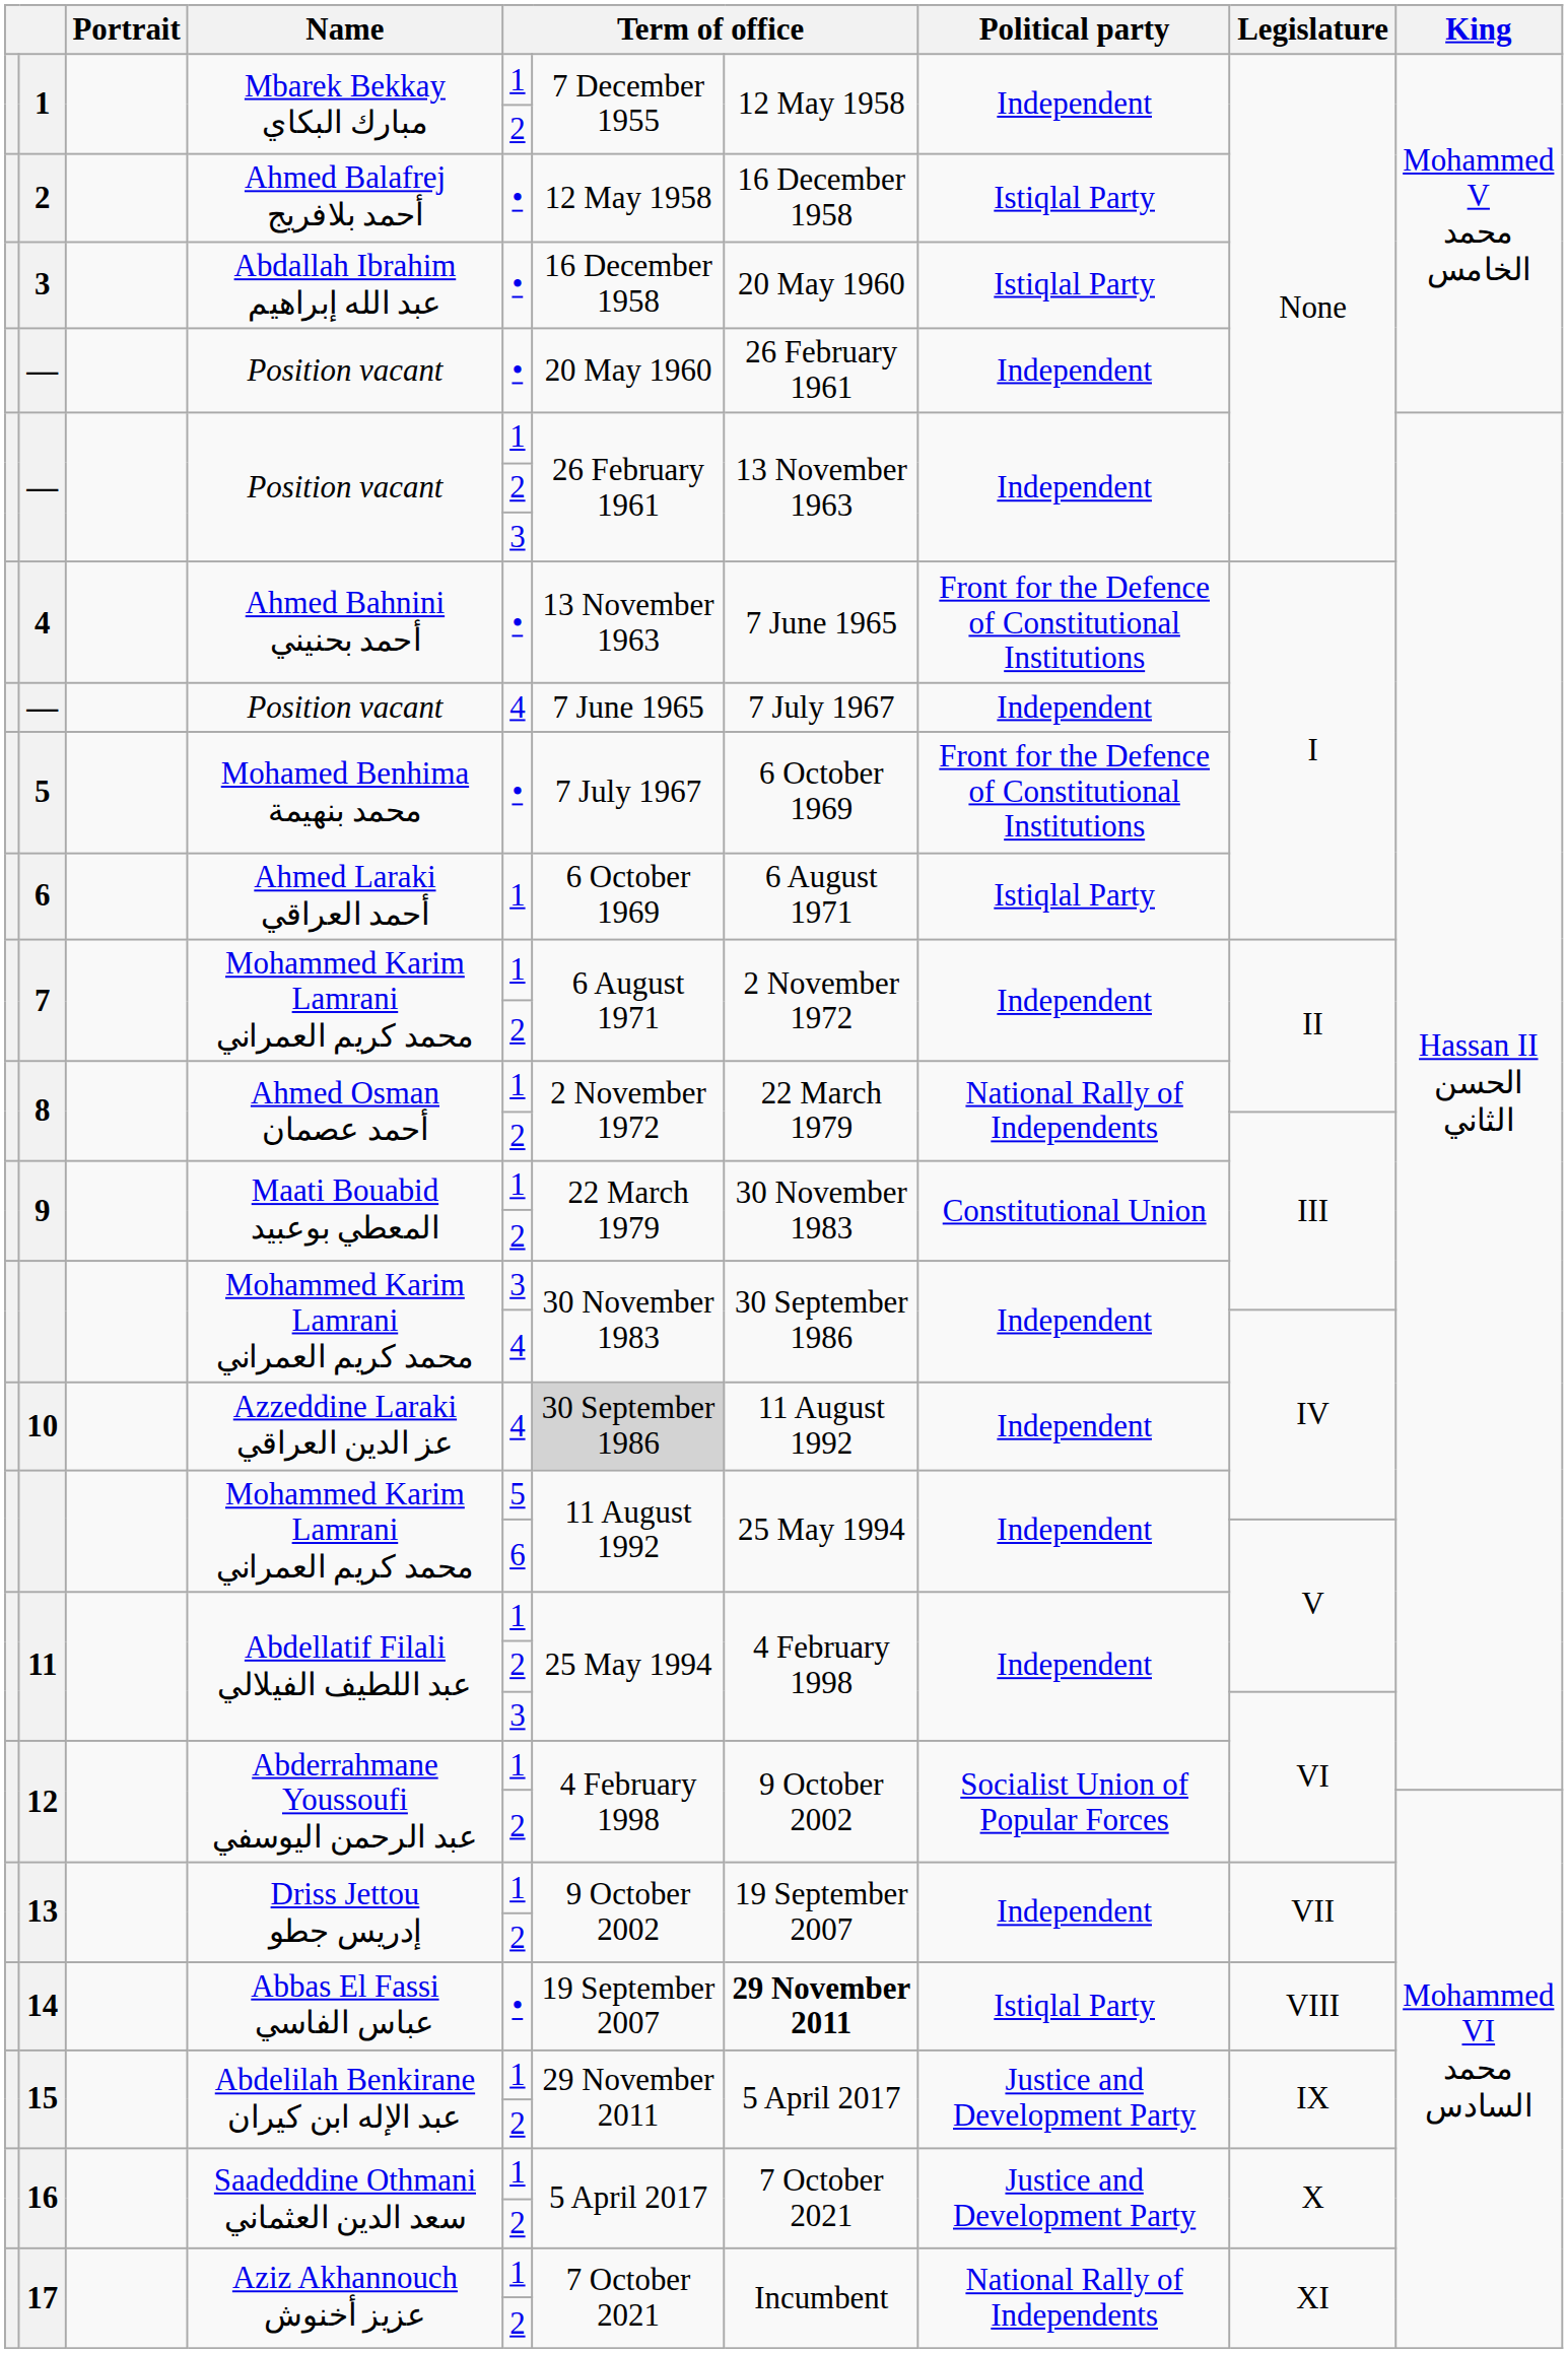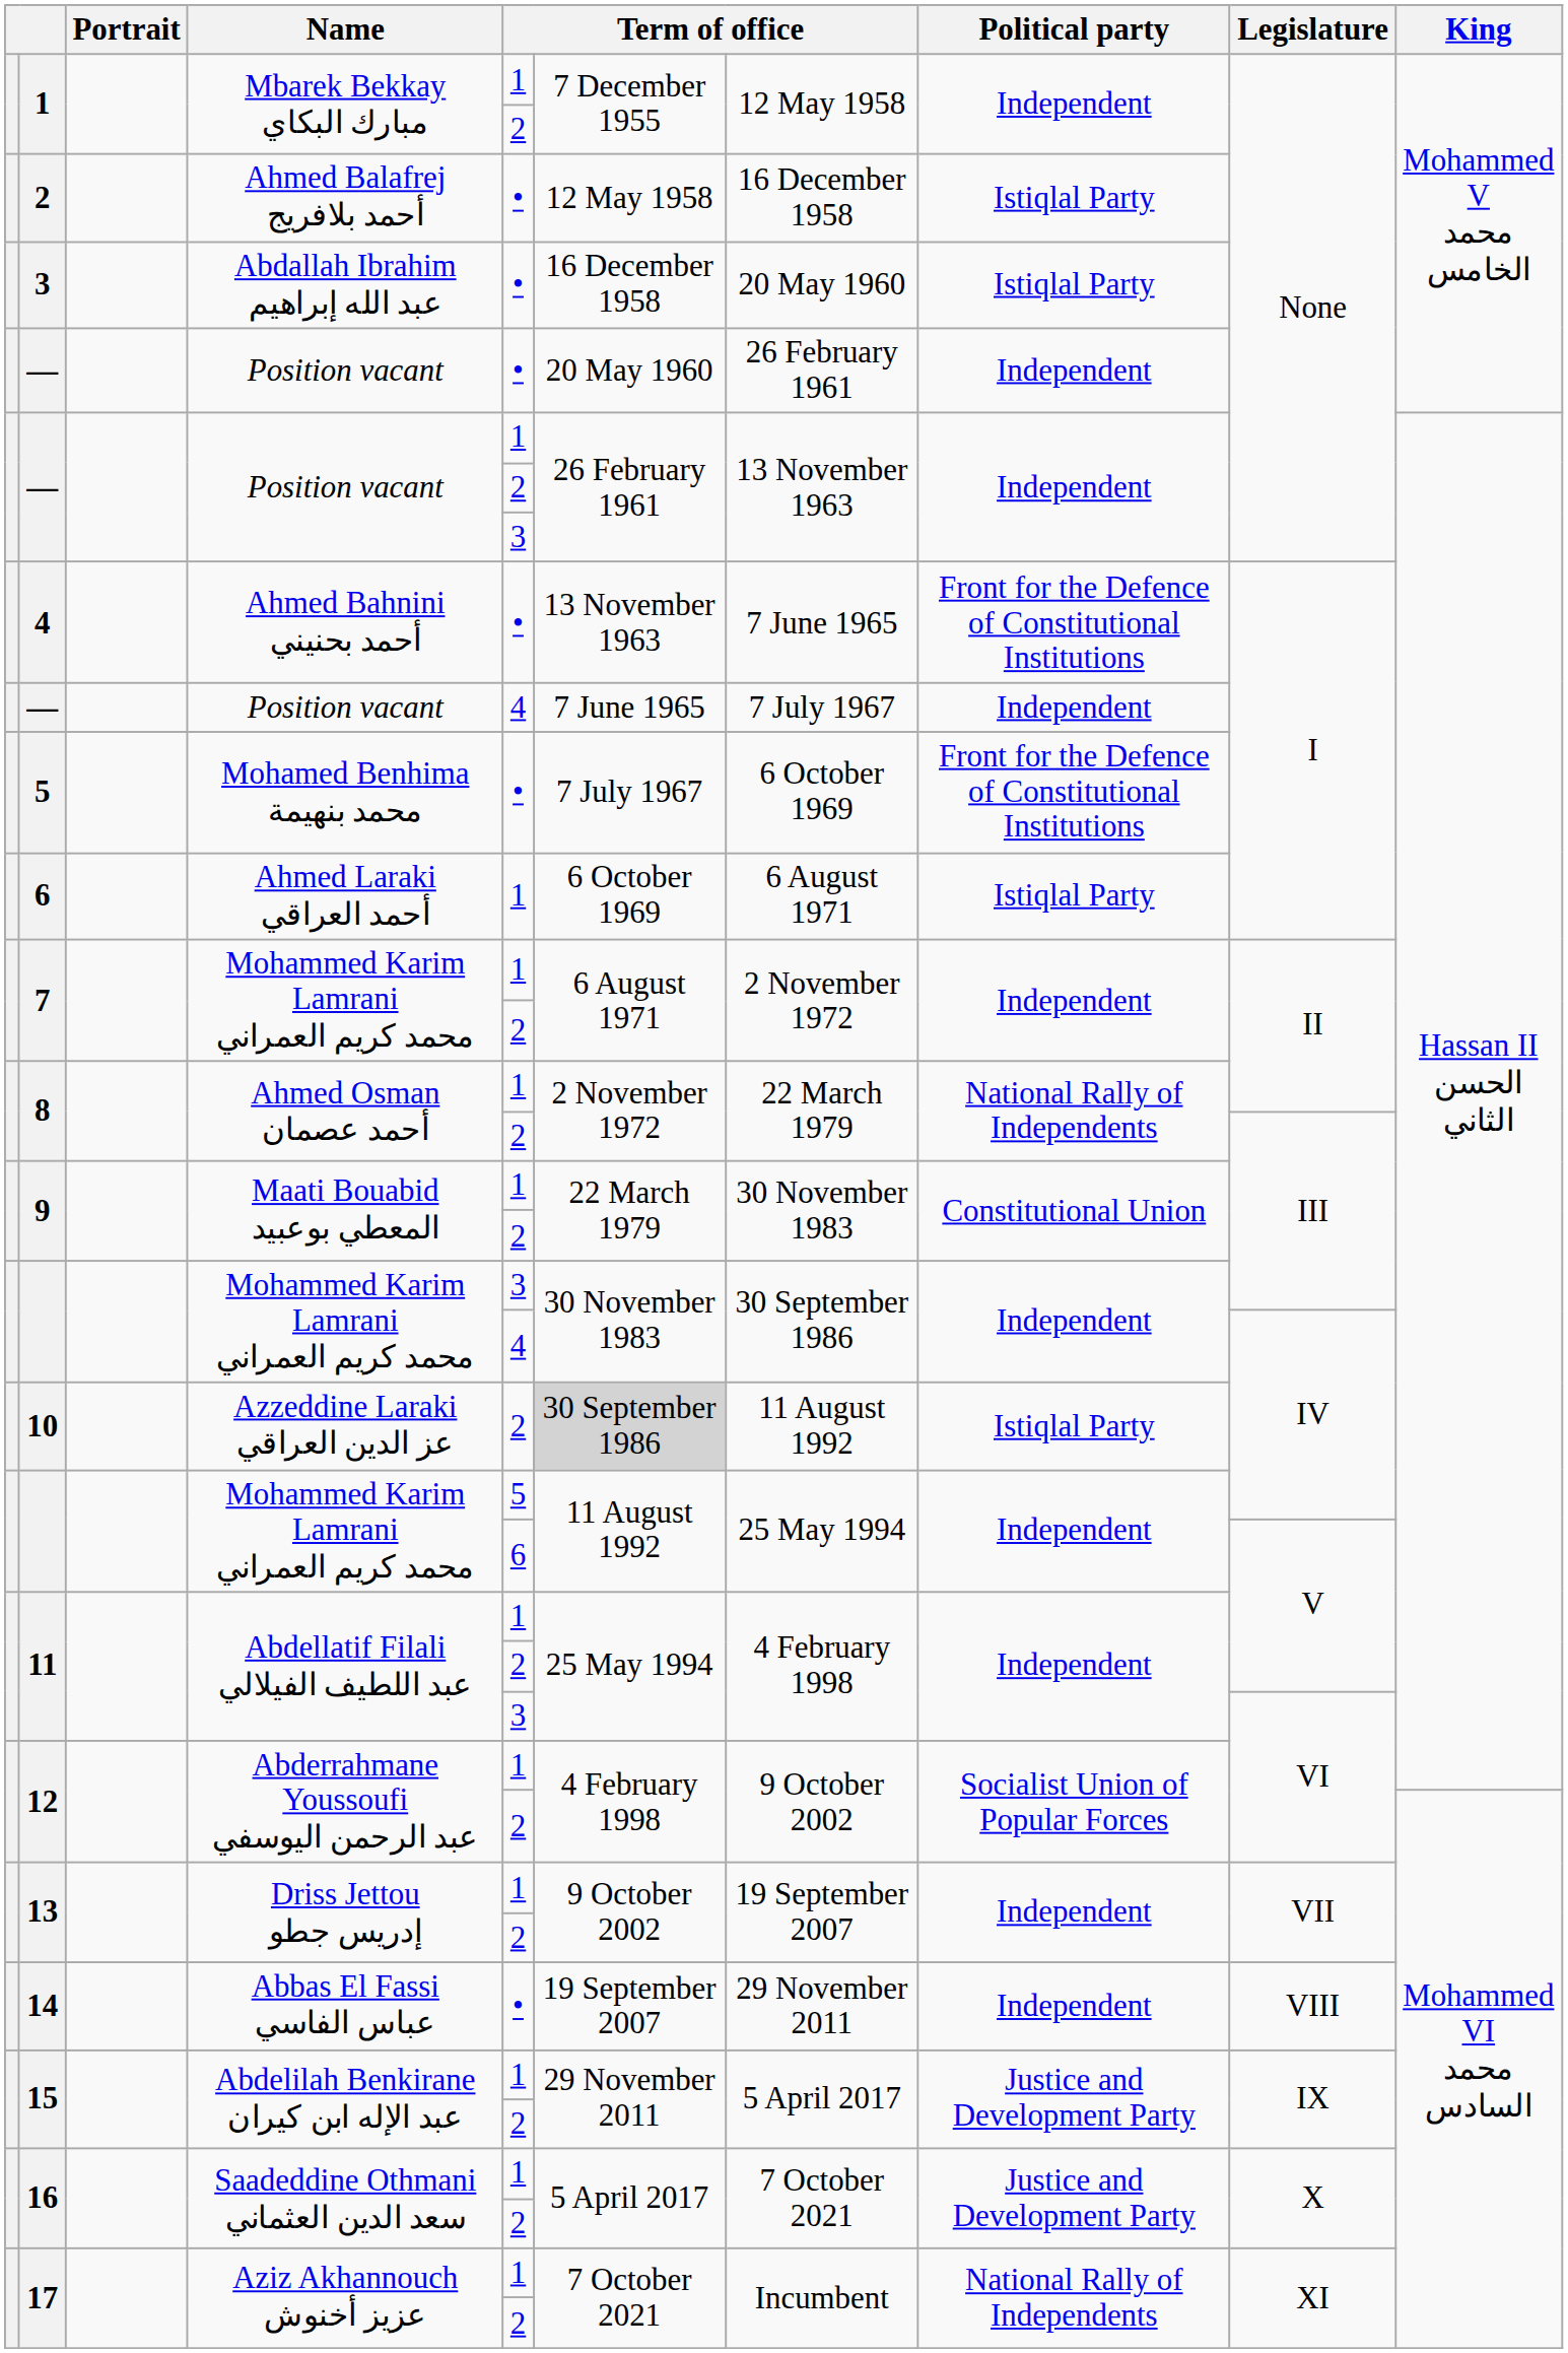 <table class="wikitable" style="width:90%; text-align:center;">
 <tr>
 <th colspan=2 width=30></th>
 <th width=70>Portrait</th>
 <th width=25%>Name<br></th>
 <th colspan="3" width=30%>Term of office</th>
 <th width=25%>Political party</th>
 <th width=7%>Legislature<br></th>
 <th><a href='#'>King</a><br></th>
 </tr>
 <tr>
 <th rowspan=2 style="background:"></th>
 <th rowspan=2>1</th>
 <td rowspan=2></td>
 <td rowspan=2><a href='#'>Mbarek Bekkay</a><br>مبارك البكاي<br></td>
 <td><a href='#'>1</a></td>
 <td rowspan=2>7 December 1955</td>
 <td rowspan=2>12 May 1958</td>
 <td rowspan=2><a href='#'>Independent</a></td>
 <td rowspan=8>None</td>
 <td rowspan="5"><a href='#'>Mohammed V</a><br>محمد الخامس<br><br></td>
 </tr>
 <tr>
 <td><a href='#'>2</a></td>
 </tr>
 <tr>
 <th style="background:"></th>
 <th>2</th>
 <td></td>
 <td><a href='#'>Ahmed Balafrej</a><br>أحمد بلافريج<br></td>
 <td><a href='#'>•</a></td>
 <td>12 May 1958</td>
 <td>16 December 1958</td>
 <td><a href='#'>Istiqlal Party</a></td>
 </tr>
 <tr>
 <th style="background:"></th>
 <th>3</th>
 <td></td>
 <td><a href='#'>Abdallah Ibrahim</a><br>عبد الله إبراهيم<br></td>
 <td><a href='#'>•</a></td>
 <td>16 December 1958</td>
 <td>20 May 1960</td>
 <td><a href='#'>Istiqlal Party</a></td>
 </tr>
 <tr>
 <th style="background:"></th>
 <th>—</th>
 <td></td>
 <td><em>Position vacant<br></em></td>
 <td><a href='#'>•</a></td>
 <td>20 May 1960</td>
 <td>26 February 1961<br></td>
 <td><a href='#'>Independent</a></td>
 </tr>
 <tr>
 <th rowspan=3 style="background:"></th>
 <th rowspan=3>—</th>
 <td rowspan=3></td>
 <td rowspan=3><em>Position vacant<br></em></td>
 <td><a href='#'>1</a></td>
 <td rowspan=3>26 February 1961</td>
 <td rowspan=3>13 November 1963</td>
 <td rowspan=3><a href='#'>Independent</a></td>
 <td rowspan="22"><a href='#'>Hassan II</a><br>الحسن الثاني<br><br></td>
 </tr>
 <tr>
 <td><a href='#'>2</a></td>
 </tr>
 <tr>
 <td><a href='#'>3</a></td>
 </tr>
 <tr>
 <th style="background:"></th>
 <th>4</th>
 <td></td>
 <td><a href='#'>Ahmed Bahnini</a><br>أحمد بحنيني<br></td>
 <td><a href='#'>•</a></td>
 <td>13 November 1963</td>
 <td>7 June 1965</td>
 <td><a href='#'>Front for the Defence of Constitutional Institutions</a></td>
 <td rowspan=4>I </td>
 </tr>
 <tr>
 <th style="background:"></th>
 <th>—</th>
 <td></td>
 <td><em>Position vacant<br></em></td>
 <td><a href='#'>4</a></td>
 <td>7 June 1965</td>
 <td>7 July 1967</td>
 <td><a href='#'>Independent</a></td>
 </tr>
 <tr>
 <th style="background:"></th>
 <th>5</th>
 <td></td>
 <td><a href='#'>Mohamed Benhima</a><br>محمد بنهيمة<br></td>
 <td><a href='#'>•</a></td>
 <td>7 July 1967</td>
 <td>6 October 1969</td>
 <td><a href='#'>Front for the Defence of Constitutional Institutions</a></td>
 </tr>
 <tr>
 <th style="background:"></th>
 <th>6</th>
 <td></td>
 <td><a href='#'>Ahmed Laraki</a><br>أحمد العراقي<br></td>
 <td><a href='#'>1</a></td>
 <td>6 October 1969</td>
 <td>6 August 1971</td>
 <td><a href='#'>Istiqlal Party</a></td>
 </tr>
 <tr>
 <th rowspan=2 style="background:"></th>
 <th rowspan=2>7</th>
 <td rowspan=2></td>
 <td rowspan=2><a href='#'>Mohammed Karim Lamrani</a><br>محمد كريم العمراني<br></td>
 <td><a href='#'>1</a></td>
 <td rowspan=2>6 August 1971</td>
 <td rowspan=2>2 November 1972</td>
 <td rowspan=2><a href='#'>Independent</a></td>
 <td rowspan=3>II </td>
 </tr>
 <tr>
 <td><a href='#'>2</a></td>
 </tr>
 <tr>
 <th rowspan=2 style="background:"></th>
 <th rowspan=2>8</th>
 <td rowspan=2></td>
 <td rowspan=2><a href='#'>Ahmed Osman</a><br>أحمد عصمان<br></td>
 <td><a href='#'>1</a></td>
 <td rowspan=2>2 November 1972</td>
 <td rowspan=2>22 March 1979</td>
 <td rowspan=2><a href='#'>National Rally of Independents</a></td>
 </tr>
 <tr>
 <td><a href='#'>2</a></td>
 <td rowspan=4>III </td>
 </tr>
 <tr>
 <th rowspan=2 style="background:"></th>
 <th rowspan=2>9</th>
 <td rowspan=2></td>
 <td rowspan=2><a href='#'>Maati Bouabid</a><br>المعطي بوعبيد<br></td>
 <td><a href='#'>1</a></td>
 <td rowspan=2>22 March 1979</td>
 <td rowspan=2>30 November 1983</td>
 <td rowspan=2><a href='#'>Constitutional Union</a></td>
 </tr>
 <tr>
 <td><a href='#'>2</a></td>
 </tr>
 <tr>
 <th rowspan=2 style="background:"></th>
 <th rowspan=2></th>
 <td rowspan=2></td>
 <td rowspan=2><a href='#'>Mohammed Karim Lamrani</a><br>محمد كريم العمراني<br></td>
 <td><a href='#'>3</a></td>
 <td rowspan=2>30 November 1983</td>
 <td rowspan=2>30 September 1986</td>
 <td rowspan=2><a href='#'>Independent</a></td>
 </tr>
 <tr>
 <td><a href='#'>4</a></td>
 <td rowspan=3>IV </td>
 </tr>
 <tr>
 <th style="background:"></th>
 <th>10</th>
 <td></td>
 <td><a href='#'>Azzeddine Laraki</a><br>عز الدين العراقي<br></td>
-<td><a href='#'>4</a></td>
+<td><a href='#'>2</a></td>
 <td style="background: lightgrey;">30 September 1986</td>
 <td>11 August 1992</td>
-<td><a href='#'>Independent</a></td>
+<td><a href='#'>Istiqlal Party</a></td>
 </tr>
 <tr>
 <th rowspan=2 style="background:"></th>
 <th rowspan=2></th>
 <td rowspan=2></td>
 <td rowspan=2><a href='#'>Mohammed Karim Lamrani</a><br>محمد كريم العمراني<br></td>
 <td><a href='#'>5</a></td>
 <td rowspan=2>11 August 1992</td>
 <td rowspan=2>25 May 1994</td>
 <td rowspan=2><a href='#'>Independent</a></td>
 </tr>
 <tr>
 <td><a href='#'>6</a></td>
 <td rowspan=3>V </td>
 </tr>
 <tr>
 <th rowspan=3 style="background:"></th>
 <th rowspan=3>11</th>
 <td rowspan=3></td>
 <td rowspan=3><a href='#'>Abdellatif Filali</a><br>عبد اللطيف الفيلالي<br></td>
 <td><a href='#'>1</a></td>
 <td rowspan=3>25 May 1994</td>
 <td rowspan=3>4 February 1998</td>
 <td rowspan=3><a href='#'>Independent</a></td>
 </tr>
 <tr>
 <td><a href='#'>2</a></td>
 </tr>
 <tr>
 <td><a href='#'>3</a></td>
 <td rowspan=3>VI </td>
 </tr>
 <tr>
 <th rowspan=2 style="background:"></th>
 <th rowspan=2>12</th>
 <td rowspan=2></td>
 <td rowspan=2><a href='#'>Abderrahmane Youssoufi</a><br>عبد الرحمن اليوسفي<br></td>
 <td><a href='#'>1</a></td>
 <td rowspan=2>4 February 1998</td>
 <td rowspan=2>9 October 2002</td>
 <td rowspan=2><a href='#'>Socialist Union of Popular Forces</a></td>
 </tr>
 <tr>
 <td><a href='#'>2</a></td>
 <td rowspan="10"><a href='#'>Mohammed VI</a><br>محمد السادس<br><br></td>
 </tr>
 <tr>
 <th rowspan=2 style="background:"></th>
 <th rowspan=2>13</th>
 <td rowspan=2></td>
 <td rowspan=2><a href='#'>Driss Jettou</a><br>إدريس جطو<br></td>
 <td><a href='#'>1</a></td>
 <td rowspan=2>9 October 2002</td>
 <td rowspan=2>19 September 2007</td>
 <td rowspan=2><a href='#'>Independent</a></td>
 <td rowspan=2>VII </td>
 </tr>
 <tr>
 <td><a href='#'>2</a></td>
 </tr>
 <tr>
 <th style="background:"></th>
 <th>14</th>
 <td></td>
 <td><a href='#'>Abbas El Fassi</a><br>عباس الفاسي<br></td>
 <td><a href='#'>•</a></td>
 <td>19 September 2007</td>
-<td><strong>29 November 2011</strong></td>
-<td><a href='#'>Istiqlal Party</a></td>
+<td>29 November 2011</td>
+<td><a href='#'>Independent</a></td>
 <td>VIII </td>
 </tr>
 <tr>
 <th rowspan=2 style="background:"></th>
 <th rowspan=2>15</th>
 <td rowspan=2></td>
 <td rowspan=2><a href='#'>Abdelilah Benkirane</a><br>عبد الإله ابن كيران<br></td>
 <td><a href='#'>1</a></td>
 <td rowspan=2>29 November 2011</td>
 <td rowspan=2>5 April 2017</td>
 <td rowspan=2><a href='#'>Justice and Development Party</a></td>
 <td rowspan=2>IX </td>
 </tr>
 <tr>
 <td><a href='#'>2</a></td>
 </tr>
 <tr>
 <th rowspan=2 style="background:"></th>
 <th rowspan=2>16</th>
 <td rowspan=2></td>
 <td rowspan=2><a href='#'>Saadeddine Othmani</a><br>سعد الدين العثماني<br></td>
 <td><a href='#'>1</a></td>
 <td rowspan=2>5 April 2017</td>
 <td rowspan=2>7 October 2021</td>
 <td rowspan=2><a href='#'>Justice and Development Party</a></td>
 <td rowspan=2>X </td>
 </tr>
 <tr>
 <td><a href='#'>2</a></td>
 </tr>
 <tr>
 <th rowspan=2 style="background:"></th>
 <th rowspan=2>17</th>
 <td rowspan=2></td>
 <td rowspan=2><a href='#'>Aziz Akhannouch</a><br>عزيز أخنوش<br></td>
 <td><a href='#'>1</a></td>
 <td rowspan=2>7 October 2021</td>
 <td rowspan=2>Incumbent</td>
 <td rowspan=2><a href='#'>National Rally of Independents</a></td>
 <td rowspan=2>XI </td>
 </tr>
 <tr>
 <td><a href='#'>2</a></td>
 </tr>
 </table>
